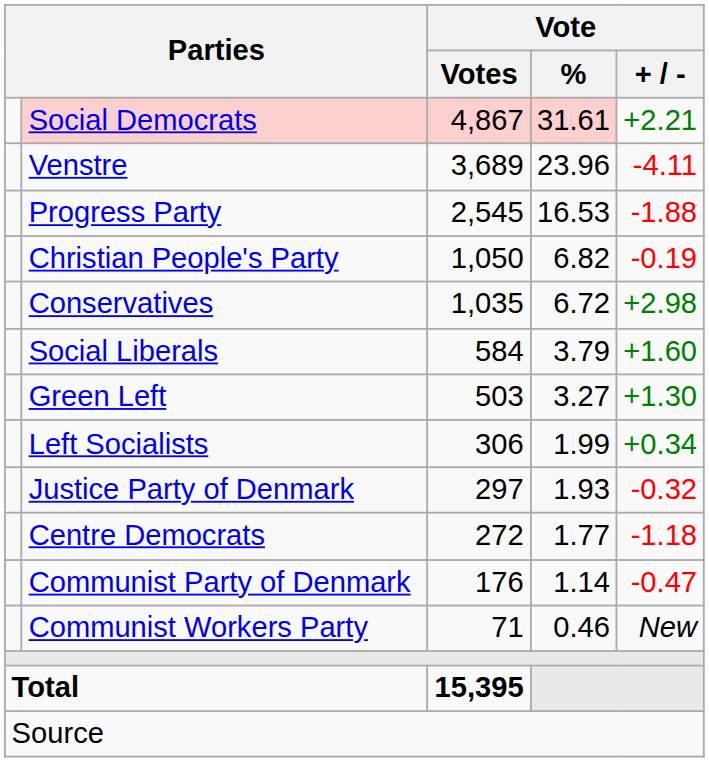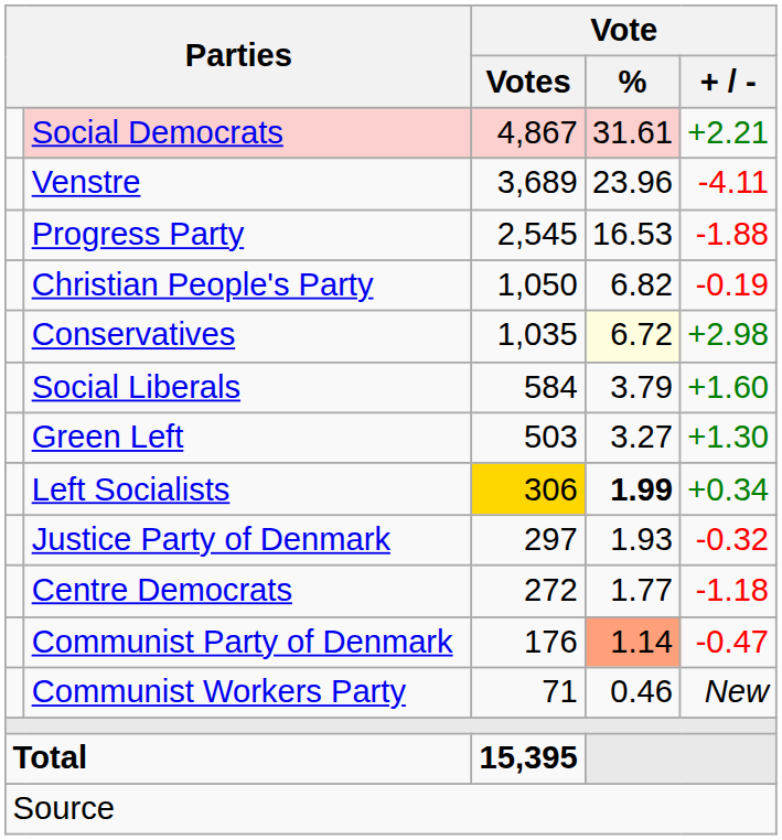 <table class="wikitable" style="text-align:right;">
 <tr>
 <th style="text-align:centre;" rowspan="2" colspan="2" width="225">Parties</th>
 <th colspan="3">Vote</th>
 </tr>
 <tr>
 <th width="15">Votes</th>
 <th width="15">%</th>
 <th width="15">+ / -</th>
 </tr>
 <tr>
 <td width="2" style="color:inherit;background:"></td>
 <td bgcolor=#fbd0ce  align="left"><a href='#'>Social Democrats</a></td>
 <td bgcolor=#fbd0ce>4,867</td>
 <td bgcolor=#fbd0ce>31.61</td>
 <td style=color:green;>+2.21</td>
 </tr>
 <tr>
 <td width="2" style="color:inherit;background:"></td>
 <td align="left"><a href='#'>Venstre</a></td>
 <td>3,689</td>
 <td>23.96</td>
 <td style=color:red;>-4.11</td>
 </tr>
 <tr>
 <td width="2" style="color:inherit;background:"></td>
 <td align="left"><a href='#'>Progress Party</a></td>
 <td>2,545</td>
 <td>16.53</td>
 <td style=color:red;>-1.88</td>
 </tr>
 <tr>
 <td width="2" style="color:inherit;background:"></td>
 <td align="left"><a href='#'>Christian People's Party</a></td>
 <td>1,050</td>
 <td>6.82</td>
 <td style=color:red;>-0.19</td>
 </tr>
 <tr>
 <td width="2" style="color:inherit;background:"></td>
 <td align="left"><a href='#'>Conservatives</a></td>
 <td>1,035</td>
-<td>6.72</td>
+<td style="background: lightyellow;">6.72</td>
 <td style=color:green;>+2.98</td>
 </tr>
 <tr>
 <td width="2" style="color:inherit;background:"></td>
 <td align="left"><a href='#'>Social Liberals</a></td>
 <td>584</td>
 <td>3.79</td>
 <td style=color:green;>+1.60</td>
 </tr>
 <tr>
 <td width="2" style="color:inherit;background:"></td>
 <td align="left"><a href='#'>Green Left</a></td>
 <td>503</td>
 <td>3.27</td>
 <td style=color:green;>+1.30</td>
 </tr>
 <tr>
 <td width="2" style="color:inherit;background:"></td>
 <td align="left"><a href='#'>Left Socialists</a></td>
-<td>306</td>
-<td>1.99</td>
+<td style="background: gold;">306</td>
+<td><strong>1.99</strong></td>
 <td style=color:green;>+0.34</td>
 </tr>
 <tr>
 <td width="2" style="color:inherit;background:"></td>
 <td align="left"><a href='#'>Justice Party of Denmark</a></td>
 <td>297</td>
 <td>1.93</td>
 <td style=color:red;>-0.32</td>
 </tr>
 <tr>
 <td width="2" style="color:inherit;background:"></td>
 <td align="left"><a href='#'>Centre Democrats</a></td>
 <td>272</td>
 <td>1.77</td>
 <td style=color:red;>-1.18</td>
 </tr>
 <tr>
 <td width="2" style="color:inherit;background:"></td>
 <td align="left"><a href='#'>Communist Party of Denmark</a></td>
 <td>176</td>
-<td>1.14</td>
+<td style="background: lightsalmon;">1.14</td>
 <td style=color:red;>-0.47</td>
 </tr>
 <tr>
 <td width="2" style="color:inherit;background:"></td>
 <td align="left"><a href='#'>Communist Workers Party</a></td>
 <td>71</td>
 <td>0.46</td>
 <td><em>New</em></td>
 </tr>
 <tr>
 <td colspan="7" bgcolor="#E9E9E9"></td>
 </tr>
 <tr>
 <td align="left" colspan="2"><strong>Total</strong></td>
 <td><strong>15,395</strong></td>
 <td bgcolor="#E9E9E9" colspan="2"></td>
 </tr>
 <tr>
 <td align="left" colspan="6">Source</td>
 </tr>
 </table>
